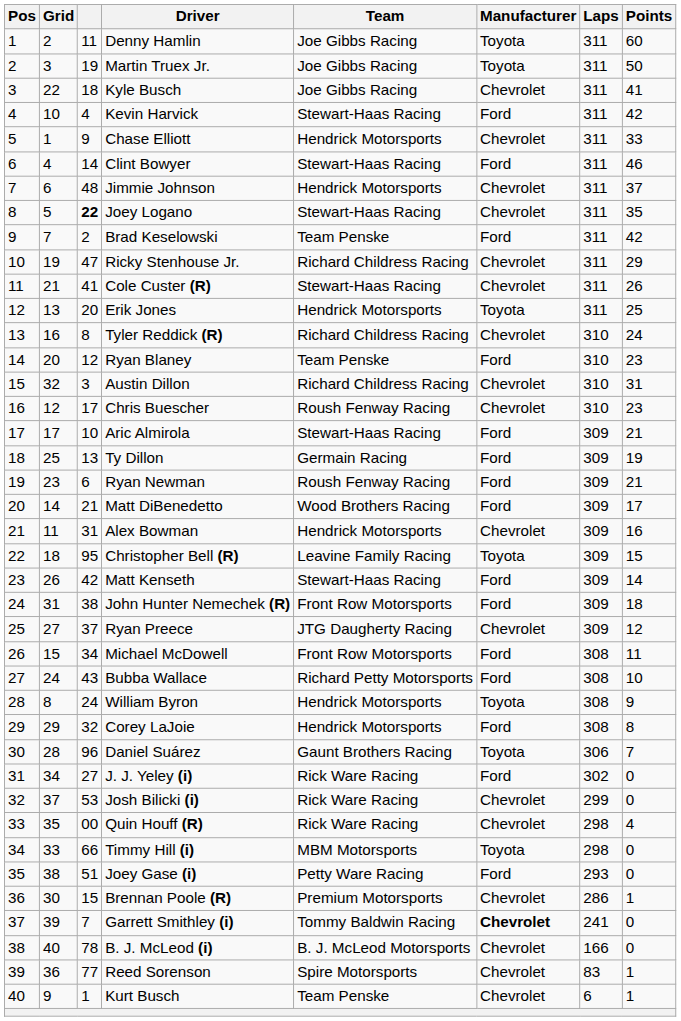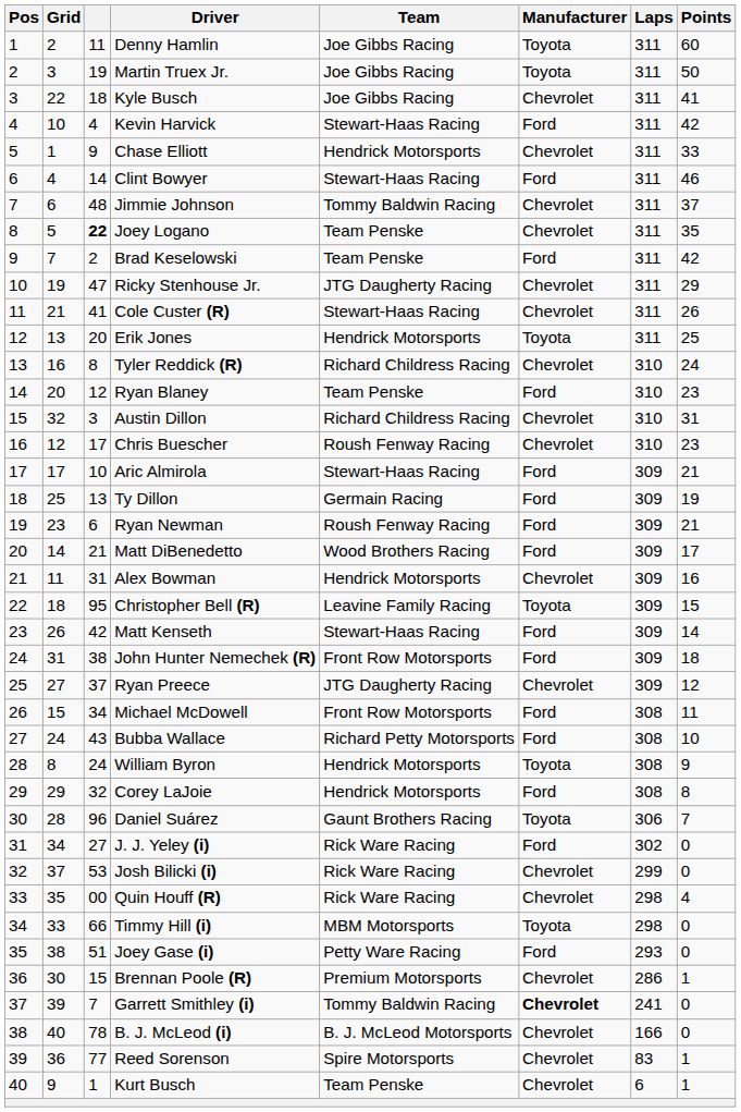 <table class="wikitable" style="font-size:98%">
 <tr>
 <th>Pos</th>
 <th>Grid</th>
 <th></th>
 <th>Driver</th>
 <th>Team</th>
 <th>Manufacturer</th>
 <th>Laps</th>
 <th>Points</th>
 </tr>
 <tr>
 <td>1</td>
 <td>2</td>
 <td>11</td>
 <td>Denny Hamlin</td>
 <td>Joe Gibbs Racing</td>
 <td>Toyota</td>
 <td>311</td>
 <td>60</td>
 </tr>
 <tr>
 <td>2</td>
 <td>3</td>
 <td>19</td>
 <td>Martin Truex Jr.</td>
 <td>Joe Gibbs Racing</td>
 <td>Toyota</td>
 <td>311</td>
 <td>50</td>
 </tr>
 <tr>
 <td>3</td>
 <td>22</td>
 <td>18</td>
 <td>Kyle Busch</td>
 <td>Joe Gibbs Racing</td>
 <td>Chevrolet</td>
 <td>311</td>
 <td>41</td>
 </tr>
 <tr>
 <td>4</td>
 <td>10</td>
 <td>4</td>
 <td>Kevin Harvick</td>
 <td>Stewart-Haas Racing</td>
 <td>Ford</td>
 <td>311</td>
 <td>42</td>
 </tr>
 <tr>
 <td>5</td>
 <td>1</td>
 <td>9</td>
 <td>Chase Elliott</td>
 <td>Hendrick Motorsports</td>
 <td>Chevrolet</td>
 <td>311</td>
 <td>33</td>
 </tr>
 <tr>
 <td>6</td>
 <td>4</td>
 <td>14</td>
 <td>Clint Bowyer</td>
 <td>Stewart-Haas Racing</td>
 <td>Ford</td>
 <td>311</td>
 <td>46</td>
 </tr>
 <tr>
 <td>7</td>
 <td>6</td>
 <td>48</td>
 <td>Jimmie Johnson</td>
-<td>Hendrick Motorsports</td>
+<td>Tommy Baldwin Racing</td>
 <td>Chevrolet</td>
 <td>311</td>
 <td>37</td>
 </tr>
 <tr>
 <td>8</td>
 <td>5</td>
 <td><strong>22</strong></td>
 <td>Joey Logano</td>
-<td>Stewart-Haas Racing</td>
+<td>Team Penske</td>
 <td>Chevrolet</td>
 <td>311</td>
 <td>35</td>
 </tr>
 <tr>
 <td>9</td>
 <td>7</td>
 <td>2</td>
 <td>Brad Keselowski</td>
 <td>Team Penske</td>
 <td>Ford</td>
 <td>311</td>
 <td>42</td>
 </tr>
 <tr>
 <td>10</td>
 <td>19</td>
 <td>47</td>
 <td>Ricky Stenhouse Jr.</td>
-<td>Richard Childress Racing</td>
+<td>JTG Daugherty Racing</td>
 <td>Chevrolet</td>
 <td>311</td>
 <td>29</td>
 </tr>
 <tr>
 <td>11</td>
 <td>21</td>
 <td>41</td>
 <td>Cole Custer <strong>(R)</strong></td>
 <td>Stewart-Haas Racing</td>
 <td>Chevrolet</td>
 <td>311</td>
 <td>26</td>
 </tr>
 <tr>
 <td>12</td>
 <td>13</td>
 <td>20</td>
 <td>Erik Jones</td>
 <td>Hendrick Motorsports</td>
 <td>Toyota</td>
 <td>311</td>
 <td>25</td>
 </tr>
 <tr>
 <td>13</td>
 <td>16</td>
 <td>8</td>
 <td>Tyler Reddick <strong>(R)</strong></td>
 <td>Richard Childress Racing</td>
 <td>Chevrolet</td>
 <td>310</td>
 <td>24</td>
 </tr>
 <tr>
 <td>14</td>
 <td>20</td>
 <td>12</td>
 <td>Ryan Blaney</td>
 <td>Team Penske</td>
 <td>Ford</td>
 <td>310</td>
 <td>23</td>
 </tr>
 <tr>
 <td>15</td>
 <td>32</td>
 <td>3</td>
 <td>Austin Dillon</td>
 <td>Richard Childress Racing</td>
 <td>Chevrolet</td>
 <td>310</td>
 <td>31</td>
 </tr>
 <tr>
 <td>16</td>
 <td>12</td>
 <td>17</td>
 <td>Chris Buescher</td>
 <td>Roush Fenway Racing</td>
 <td>Chevrolet</td>
 <td>310</td>
 <td>23</td>
 </tr>
 <tr>
 <td>17</td>
 <td>17</td>
 <td>10</td>
 <td>Aric Almirola</td>
 <td>Stewart-Haas Racing</td>
 <td>Ford</td>
 <td>309</td>
 <td>21</td>
 </tr>
 <tr>
 <td>18</td>
 <td>25</td>
 <td>13</td>
 <td>Ty Dillon</td>
 <td>Germain Racing</td>
 <td>Ford</td>
 <td>309</td>
 <td>19</td>
 </tr>
 <tr>
 <td>19</td>
 <td>23</td>
 <td>6</td>
 <td>Ryan Newman</td>
 <td>Roush Fenway Racing</td>
 <td>Ford</td>
 <td>309</td>
 <td>21</td>
 </tr>
 <tr>
 <td>20</td>
 <td>14</td>
 <td>21</td>
 <td>Matt DiBenedetto</td>
 <td>Wood Brothers Racing</td>
 <td>Ford</td>
 <td>309</td>
 <td>17</td>
 </tr>
 <tr>
 <td>21</td>
 <td>11</td>
 <td>31</td>
 <td>Alex Bowman</td>
 <td>Hendrick Motorsports</td>
 <td>Chevrolet</td>
 <td>309</td>
 <td>16</td>
 </tr>
 <tr>
 <td>22</td>
 <td>18</td>
 <td>95</td>
 <td>Christopher Bell <strong>(R)</strong></td>
 <td>Leavine Family Racing</td>
 <td>Toyota</td>
 <td>309</td>
 <td>15</td>
 </tr>
 <tr>
 <td>23</td>
 <td>26</td>
 <td>42</td>
 <td>Matt Kenseth</td>
 <td>Stewart-Haas Racing</td>
 <td>Ford</td>
 <td>309</td>
 <td>14</td>
 </tr>
 <tr>
 <td>24</td>
 <td>31</td>
 <td>38</td>
 <td>John Hunter Nemechek <strong>(R)</strong></td>
 <td>Front Row Motorsports</td>
 <td>Ford</td>
 <td>309</td>
 <td>18</td>
 </tr>
 <tr>
 <td>25</td>
 <td>27</td>
 <td>37</td>
 <td>Ryan Preece</td>
 <td>JTG Daugherty Racing</td>
 <td>Chevrolet</td>
 <td>309</td>
 <td>12</td>
 </tr>
 <tr>
 <td>26</td>
 <td>15</td>
 <td>34</td>
 <td>Michael McDowell</td>
 <td>Front Row Motorsports</td>
 <td>Ford</td>
 <td>308</td>
 <td>11</td>
 </tr>
 <tr>
 <td>27</td>
 <td>24</td>
 <td>43</td>
 <td>Bubba Wallace</td>
 <td>Richard Petty Motorsports</td>
 <td>Ford</td>
 <td>308</td>
 <td>10</td>
 </tr>
 <tr>
 <td>28</td>
 <td>8</td>
 <td>24</td>
 <td>William Byron</td>
 <td>Hendrick Motorsports</td>
 <td>Toyota</td>
 <td>308</td>
 <td>9</td>
 </tr>
 <tr>
 <td>29</td>
 <td>29</td>
 <td>32</td>
 <td>Corey LaJoie</td>
 <td>Hendrick Motorsports</td>
 <td>Ford</td>
 <td>308</td>
 <td>8</td>
 </tr>
 <tr>
 <td>30</td>
 <td>28</td>
 <td>96</td>
 <td>Daniel Suárez</td>
 <td>Gaunt Brothers Racing</td>
 <td>Toyota</td>
 <td>306</td>
 <td>7</td>
 </tr>
 <tr>
 <td>31</td>
 <td>34</td>
 <td>27</td>
 <td>J. J. Yeley <strong>(i)</strong></td>
 <td>Rick Ware Racing</td>
 <td>Ford</td>
 <td>302</td>
 <td>0</td>
 </tr>
 <tr>
 <td>32</td>
 <td>37</td>
 <td>53</td>
 <td>Josh Bilicki <strong>(i)</strong></td>
 <td>Rick Ware Racing</td>
 <td>Chevrolet</td>
 <td>299</td>
 <td>0</td>
 </tr>
 <tr>
 <td>33</td>
 <td>35</td>
 <td>00</td>
 <td>Quin Houff <strong>(R)</strong></td>
 <td>Rick Ware Racing</td>
 <td>Chevrolet</td>
 <td>298</td>
 <td>4</td>
 </tr>
 <tr>
 <td>34</td>
 <td>33</td>
 <td>66</td>
 <td>Timmy Hill <strong>(i)</strong></td>
 <td>MBM Motorsports</td>
 <td>Toyota</td>
 <td>298</td>
 <td>0</td>
 </tr>
 <tr>
 <td>35</td>
 <td>38</td>
 <td>51</td>
 <td>Joey Gase <strong>(i)</strong></td>
 <td>Petty Ware Racing</td>
 <td>Ford</td>
 <td>293</td>
 <td>0</td>
 </tr>
 <tr>
 <td>36</td>
 <td>30</td>
 <td>15</td>
 <td>Brennan Poole <strong>(R)</strong></td>
 <td>Premium Motorsports</td>
 <td>Chevrolet</td>
 <td>286</td>
 <td>1</td>
 </tr>
 <tr>
 <td>37</td>
 <td>39</td>
 <td>7</td>
 <td>Garrett Smithley <strong>(i)</strong></td>
 <td>Tommy Baldwin Racing</td>
 <td><strong>Chevrolet</strong></td>
 <td>241</td>
 <td>0</td>
 </tr>
 <tr>
 <td>38</td>
 <td>40</td>
 <td>78</td>
 <td>B. J. McLeod <strong>(i)</strong></td>
 <td>B. J. McLeod Motorsports</td>
 <td>Chevrolet</td>
 <td>166</td>
 <td>0</td>
 </tr>
 <tr>
 <td>39</td>
 <td>36</td>
 <td>77</td>
 <td>Reed Sorenson</td>
 <td>Spire Motorsports</td>
 <td>Chevrolet</td>
 <td>83</td>
 <td>1</td>
 </tr>
 <tr>
 <td>40</td>
 <td>9</td>
 <td>1</td>
 <td>Kurt Busch</td>
 <td>Team Penske</td>
 <td>Chevrolet</td>
 <td>6</td>
 <td>1</td>
 </tr>
 <tr>
 <th colspan="8"></th>
 </tr>
 </table>
